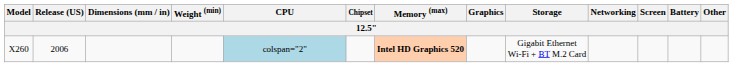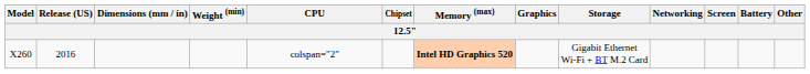 <table class="wikitable" style="font-size: 80%; text-align: center; min-width: 80%;">
 <tr>
 <th>Model</th>
 <th>Release (US)</th>
 <th>Dimensions (mm / in)</th>
 <th>Weight <sup>(min)</sup></th>
 <th style="width:17%">CPU</th>
 <th><small>Chipset</small></th>
 <th>Memory <sup>(max)</sup></th>
 <th>Graphics</th>
 <th>Storage</th>
 <th>Networking</th>
 <th>Screen</th>
 <th>Battery</th>
 <th>Other</th>
 </tr>
 <tr>
 <th colspan=13>12.5"</th>
 </tr>
 <tr>
 <td>X260 </td>
-<td>2006</td>
+<td>2016</td>
 <td></td>
 <td></td>
-<td style="background: lightblue;">colspan="2" </td>
+<td>colspan="2" </td>
 <td></td>
 <td style="background:#ffcead;"><strong>Intel HD Graphics 520</strong></td>
 <td></td>
 <td>Gigabit Ethernet<br>Wi-Fi + <a href='#'>BT</a> M.2 Card<br><small></small></td>
 <td></td>
 <td style="background:"></td>
 <td></td>
 </tr>
 </table>
